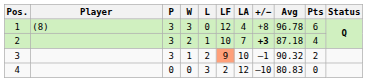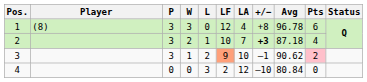 <table class="wikitable" style="text-align:center; margin: 1em auto 1em auto, align:left">
 <tr>
 <th width=20>Pos.</th>
 <th width=185>Player</th>
 <th width=20>P</th>
 <th width=20>W</th>
 <th width=20>L</th>
 <th width=20>LF</th>
 <th width=20>LA</th>
 <th width=25>+/−</th>
 <th width=30>Avg</th>
 <th width=20>Pts</th>
 <th width=40>Status</th>
 </tr>
 <tr style="background:#D0F0C0;">
 <td>1</td>
 <td align=left> (8)</td>
 <td>3</td>
 <td>3</td>
 <td>0</td>
 <td>12</td>
 <td>4</td>
 <td>+8</td>
 <td>96.78</td>
 <td>6</td>
 <td rowspan=2><strong>Q</strong></td>
 </tr>
 <tr style="background:#D0F0C0;">
 <td>2</td>
 <td align=left></td>
 <td>3</td>
 <td>2</td>
 <td>1</td>
 <td>10</td>
 <td>7</td>
 <td><strong>+3</strong></td>
 <td>87.18</td>
 <td>4</td>
 </tr>
 <tr>
 <td>3</td>
 <td align=left></td>
 <td>3</td>
 <td>1</td>
 <td>2</td>
 <td style="background: lightsalmon;">9</td>
 <td>10</td>
 <td>–1</td>
-<td>90.32</td>
-<td>2</td>
+<td>90.62</td>
+<td style="background: pink;">2</td>
 <td></td>
 </tr>
 <tr>
 <td>4</td>
 <td align=left></td>
 <td>0</td>
 <td>0</td>
 <td>3</td>
 <td>2</td>
 <td>12</td>
 <td>–10</td>
-<td>80.83</td>
+<td>80.84</td>
 <td>0</td>
 <td></td>
 </tr>
 </table>
